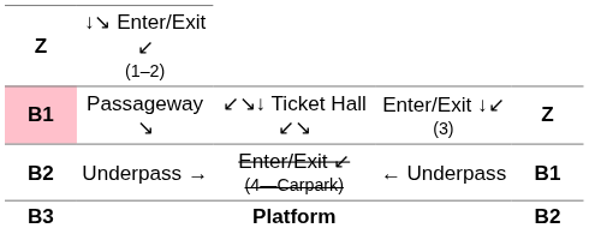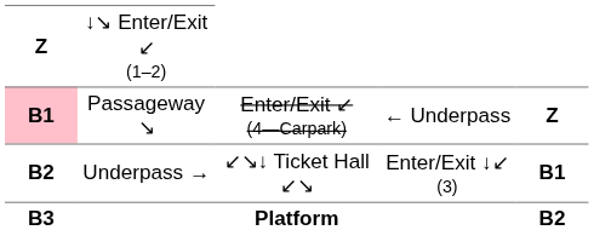 <table table border=0 cellspacing=0 cellpadding=3>
 <tr>
 <td style="border-top:solid 1px gray;" width="50" align=center><strong>Z</strong></td>
 <td style="border-top:solid 1px gray;" width="100" align=center>↓↘ Enter/Exit ↙<br><small>(1–2)</small></td>
 </tr>
 <tr>
 <td style="background: pink; border-top:solid 1px gray;" width="50" align=center><strong>B1</strong></td>
 <td style="border-top:solid 1px gray;" width="100" align=center>Passageway ↘</td>
-<td style="border-top:solid 1px gray;" width="120" align=center>↙↘↓ Ticket Hall ↙↘</td>
-<td style="border-top:solid 1px gray;" width="100" align=center>Enter/Exit ↓↙<br><small>(3)</small></td>
+<td style="border-top:solid 1px gray;" width="120" align=center><s>Enter/Exit ↙<br><small>(4—Carpark)</small></s></td>
+<td style="border-top:solid 1px gray;" width="100" align=center>← Underpass</td>
 <th style="border-top:solid 1px gray;" width="50" align=center><strong>Z</strong></th>
 </tr>
 <tr>
 <td style="border-top:solid 1px gray;" width="50" align=center><strong> B2</strong></td>
 <td style="border-top:solid 1px gray;" width="100" align=center>Underpass →</td>
-<td style="border-top:solid 1px gray;" width="120" align=center><s>Enter/Exit ↙<br><small>(4—Carpark)</small></s></td>
-<td style="border-top:solid 1px gray;" width="100" align=center>← Underpass</td>
+<td style="border-top:solid 1px gray;" width="120" align=center>↙↘↓ Ticket Hall ↙↘</td>
+<td style="border-top:solid 1px gray;" width="100" align=center>Enter/Exit ↓↙<br><small>(3)</small></td>
 <td style="border-top:solid 1px gray;" width="50" align=center><strong>B1</strong></td>
 </tr>
 <tr>
 <td style="border-top:solid 1px gray;" width="50" align=center><strong>B3</strong></td>
 <td colspan="3" style="border-top:solid 1px gray;" width="120" align=center><strong>Platform</strong></td>
 <td style="border-top:solid 1px gray;" width="50" align=center><strong>B2</strong></td>
 </tr>
 </table>
